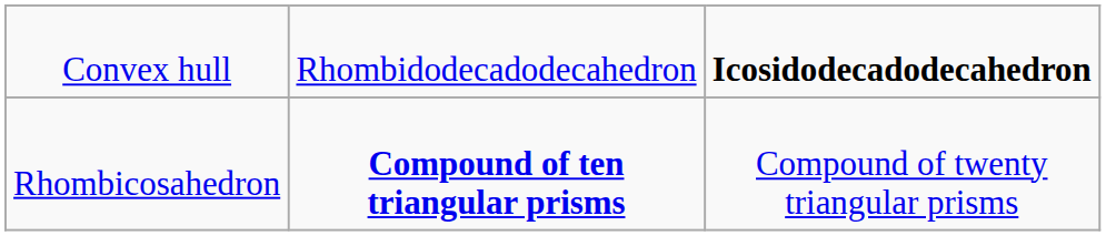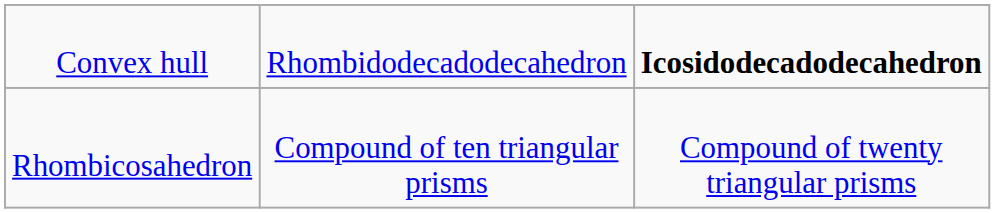 <table class="wikitable" width="400" style="vertical-align:top;text-align:center">
 <tr>
 <td><br><a href='#'>Convex hull</a></td>
 <td><br><a href='#'>Rhombidodecadodecahedron</a></td>
 <td><br><strong>Icosidodecadodecahedron</strong></td>
 </tr>
 <tr>
 <td><br><a href='#'>Rhombicosahedron</a></td>
-<td><strong><br><a href='#'>Compound of ten triangular prisms</a></strong></td>
+<td><br><a href='#'>Compound of ten triangular prisms</a></td>
 <td><br><a href='#'>Compound of twenty triangular prisms</a></td>
 </tr>
 </table>
